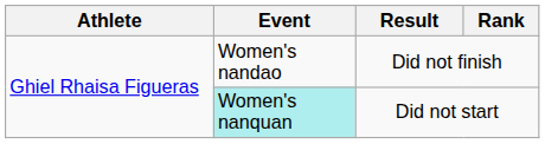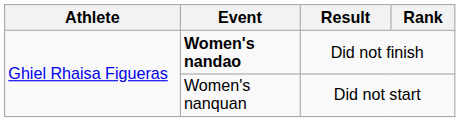 <table class="wikitable" style="font-size:90%; text-align:center">
 <tr>
 <th width="150">Athlete</th>
 <th width="100">Event</th>
 <th width="75">Result</th>
 <th width="50">Rank</th>
 </tr>
 <tr>
 <td align="left" rowspan="2"><a href='#'>Ghiel Rhaisa Figueras</a></td>
-<td align="left">Women's nandao</td>
+<td align="left"><strong>Women's nandao</strong></td>
 <td colspan=2>Did not finish</td>
 </tr>
 <tr>
-<td align="left" style="background: paleturquoise;">Women's nanquan</td>
+<td align="left">Women's nanquan</td>
 <td colspan=2>Did not start</td>
 </tr>
 </table>
